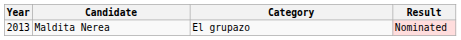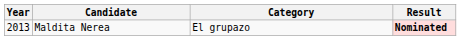 <table class="wikitable" style="table-layout: fixed;">
 <tr>
 <th width="6%">Year</th>
 <th width="35%">Candidate</th>
 <th width="45%">Category</th>
 <th width="14%">Result</th>
 </tr>
 <tr>
 <td rowspan="5">2013</td>
 <td>Maldita Nerea</td>
 <td>El grupazo</td>
-<td style="background: #ffdddd">Nominated</td>
+<td style="background: #ffdddd"><strong>Nominated</strong></td>
 </tr>
 </table>
